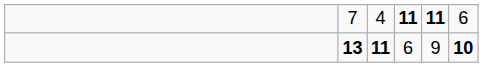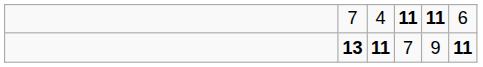 <table class="wikitable">
 <tr>
 <td style="width:18em"></td>
 <td align=center style="width:1em">7</td>
 <td align=center style="width:1em">4</td>
 <td align=center style="width:1em"><strong>11</strong></td>
 <td align=center style="width:1em"><strong>11</strong></td>
 <td align=center style="width:1em">6</td>
 </tr>
 <tr>
 <td style="width:18em"></td>
 <td align=center style="width:1em"><strong>13</strong></td>
 <td align=center style="width:1em"><strong>11</strong></td>
-<td align=center style="width:1em">6</td>
+<td align=center style="width:1em">7</td>
 <td align=center style="width:1em">9</td>
-<td align=center style="width:1em"><strong>10</strong></td>
+<td align=center style="width:1em"><strong>11</strong></td>
 </tr>
 </table>
